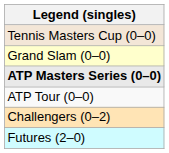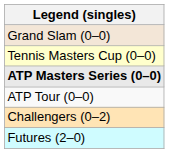 <table class="wikitable">
 <tr>
 <th>Legend (singles)</th>
 </tr>
 <tr bgcolor="#f3e6d7">
-<td>Tennis Masters Cup (0–0)</td>
+<td>Grand Slam (0–0)</td>
 </tr>
 <tr bgcolor="ffffcc">
-<td>Grand Slam (0–0)</td>
+<td>Tennis Masters Cup (0–0)</td>
 </tr>
 <tr bgcolor="#e9e9e9">
 <td><strong>ATP Masters Series (0–0)</strong></td>
 </tr>
 <tr>
 <td>ATP Tour (0–0)</td>
 </tr>
 <tr bgcolor="moccasin">
 <td>Challengers (0–2)</td>
 </tr>
 <tr bgcolor="CFFCFF">
 <td>Futures (2–0)</td>
 </tr>
 </table>
